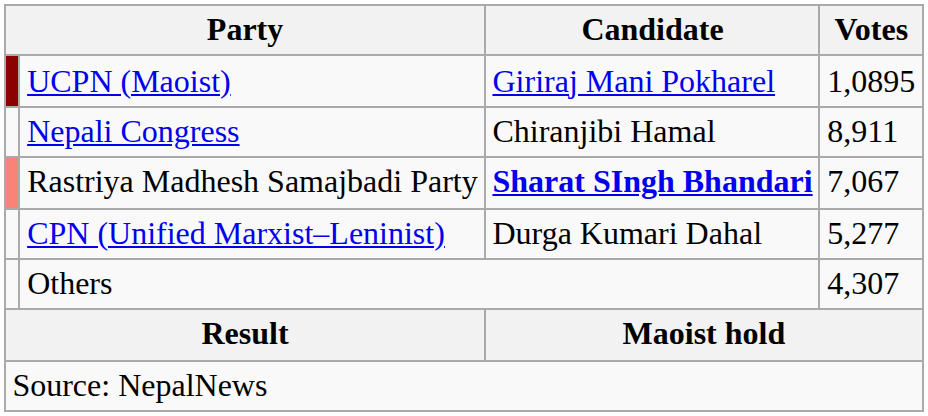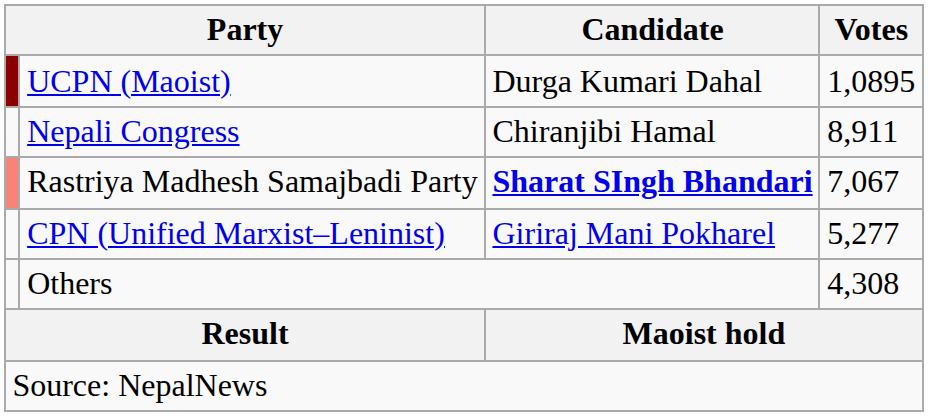 <table class="wikitable">
 <tr>
 <th colspan="2">Party</th>
 <th>Candidate</th>
 <th>Votes</th>
 </tr>
 <tr>
 <td style="background-color:darkred"></td>
 <td><a href='#'>UCPN (Maoist)</a></td>
-<td><a href='#'>Giriraj Mani Pokharel</a></td>
+<td>Durga Kumari Dahal</td>
 <td>1,0895</td>
 </tr>
 <tr>
 <td style="background-color:"></td>
 <td><a href='#'>Nepali Congress</a></td>
 <td>Chiranjibi Hamal</td>
 <td>8,911</td>
 </tr>
 <tr>
 <td style="background-color:#F88379"></td>
 <td>Rastriya Madhesh Samajbadi Party</td>
 <td><strong><a href='#'>Sharat SIngh Bhandari</a></strong></td>
 <td>7,067</td>
 </tr>
 <tr>
 <td style="background-color:"></td>
 <td><a href='#'>CPN (Unified Marxist–Leninist)</a></td>
-<td>Durga Kumari Dahal</td>
+<td><a href='#'>Giriraj Mani Pokharel</a></td>
 <td>5,277</td>
 </tr>
 <tr>
 <td></td>
 <td colspan="2">Others</td>
-<td>4,307</td>
+<td>4,308</td>
 </tr>
 <tr>
 <th colspan="2">Result</th>
 <th colspan="2">Maoist hold</th>
 </tr>
 <tr>
 <td colspan="4">Source: NepalNews</td>
 </tr>
 </table>
